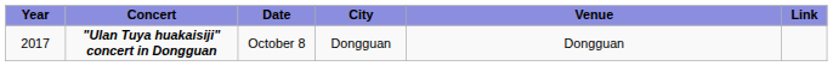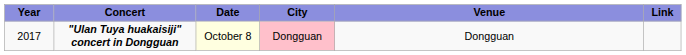 <table class="wikitable sortable mw-collapsible" width="80%" style="text-align:center">
 <tr align="center" style="background:#8B8EDE">
 <td style="width:2%"><strong>Year</strong></td>
 <td style="width:8%"><strong>Concert</strong></td>
 <td style="width:2%"><strong>Date</strong></td>
 <td style="width:2%"><strong>City</strong></td>
 <td style="width:18%"><strong>Venue</strong></td>
 <td style="width:1%"><strong>Link</strong></td>
 </tr>
 <tr>
 <td rowspan="2">2017</td>
 <td rowspan="2"><strong><em>"Ulan Tuya huakaisiji" concert in Dongguan</em></strong></td>
-<td>October 8</td>
-<td>Dongguan</td>
+<td style="background: lightyellow;">October 8</td>
+<td style="background: pink;">Dongguan</td>
 <td>Dongguan</td>
 <td></td>
 </tr>
 </table>
